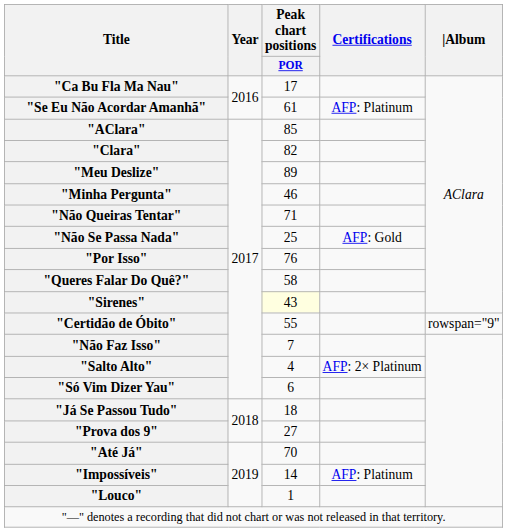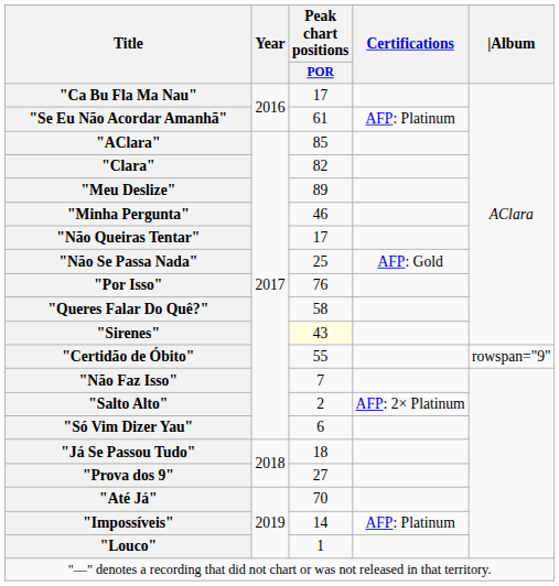 <table class="wikitable plainrowheaders" style="text-align:center;" border="1">
 <tr>
 <th scope="col" rowspan="2" style="width:16em;">Title</th>
 <th scope="col" rowspan="2">Year</th>
 <th scope="col">Peak chart positions</th>
 <th scope="col" rowspan="2"><a href='#'>Certifications</a></th>
 <th scope="col" rowspan="2">|Album</th>
 </tr>
 <tr>
 <th scope="col" style="width:3em;font-size:85%;"><a href='#'>POR</a><br></th>
 </tr>
 <tr>
 <th scope="row">"Ca Bu Fla Ma Nau" <br></th>
 <td rowspan="2">2016</td>
 <td>17</td>
 <td></td>
 <td rowspan="11"><em>AClara</em></td>
 </tr>
 <tr>
 <th scope="row">"Se Eu Não Acordar Amanhã"</th>
 <td>61</td>
 <td><a href='#'>AFP</a>: Platinum</td>
 </tr>
 <tr>
 <th scope="row">"AClara"</th>
 <td rowspan="13">2017</td>
 <td>85</td>
 <td></td>
 </tr>
 <tr>
 <th scope="row">"Clara"</th>
 <td>82</td>
 <td></td>
 </tr>
 <tr>
 <th scope="row">"Meu Deslize"</th>
 <td>89</td>
 <td></td>
 </tr>
 <tr>
 <th scope="row">"Minha Pergunta"</th>
 <td>46</td>
 <td></td>
 </tr>
 <tr>
 <th scope="row">"Não Queiras Tentar"</th>
-<td>71</td>
+<td>17</td>
 <td></td>
 </tr>
 <tr>
 <th scope="row">"Não Se Passa Nada"</th>
 <td>25</td>
 <td><a href='#'>AFP</a>: Gold</td>
 </tr>
 <tr>
 <th scope="row">"Por Isso"</th>
 <td>76</td>
 <td></td>
 </tr>
 <tr>
 <th scope="row">"Queres Falar Do Quê?"</th>
 <td>58</td>
 <td></td>
 </tr>
 <tr>
 <th scope="row">"Sirenes"</th>
 <td style="background: lightyellow;">43</td>
 <td></td>
 </tr>
 <tr>
 <th scope="row">"Certidão de Óbito"</th>
 <td>55</td>
 <td></td>
 <td>rowspan="9" <em></em></td>
 </tr>
 <tr>
 <th scope="row">"Não Faz Isso"</th>
 <td>7</td>
 <td></td>
 </tr>
 <tr>
 <th scope="row">"Salto Alto"</th>
-<td>4</td>
+<td>2</td>
 <td><a href='#'>AFP</a>: 2× Platinum</td>
 </tr>
 <tr>
 <th scope="row">"Só Vim Dizer Yau"</th>
 <td>6</td>
 <td></td>
 </tr>
 <tr>
 <th scope="row">"Já Se Passou Tudo" <br></th>
 <td rowspan="2">2018</td>
 <td>18</td>
 <td></td>
 </tr>
 <tr>
 <th scope="row">"Prova dos 9"</th>
 <td>27</td>
 <td></td>
 </tr>
 <tr>
 <th scope="row">"Até Já"</th>
 <td rowspan="3">2019</td>
 <td>70</td>
 <td></td>
 </tr>
 <tr>
 <th scope="row">"Impossíveis"</th>
 <td>14</td>
 <td><a href='#'>AFP</a>: Platinum</td>
 </tr>
 <tr>
 <th scope="row">"Louco" <br></th>
 <td>1</td>
 <td></td>
 </tr>
 <tr>
 <td colspan="5" style="font-size:90%">"—" denotes a recording that did not chart or was not released in that territory.</td>
 </tr>
 </table>
